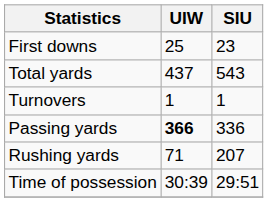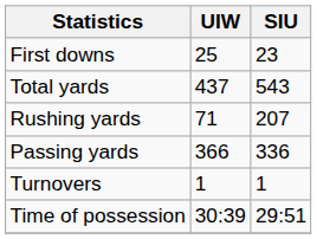 <table class="wikitable" style="float: left;">
 <tr>
 <th>Statistics</th>
 <th>UIW</th>
 <th>SIU</th>
 </tr>
 <tr>
 <td>First downs</td>
 <td>25</td>
 <td>23</td>
 </tr>
 <tr>
 <td>Total yards</td>
 <td>437</td>
 <td>543</td>
 </tr>
 <tr>
+<td>Rushing yards</td>
+<td>71</td>
+<td>207</td>
+</tr>
+<tr>
+<td>Passing yards</td>
+<td>366</td>
+<td>336</td>
+</tr>
+<tr>
 <td>Turnovers</td>
 <td>1</td>
 <td>1</td>
-</tr>
-<tr>
-<td>Passing yards</td>
-<td><strong>366</strong></td>
-<td>336</td>
-</tr>
-<tr>
-<td>Rushing yards</td>
-<td>71</td>
-<td>207</td>
 </tr>
 <tr>
 <td>Time of possession</td>
 <td>30:39</td>
 <td>29:51</td>
 </tr>
 <tr>
 </tr>
 </table>
